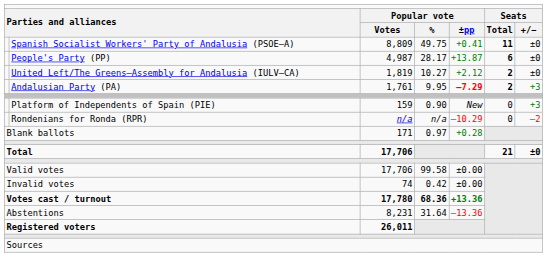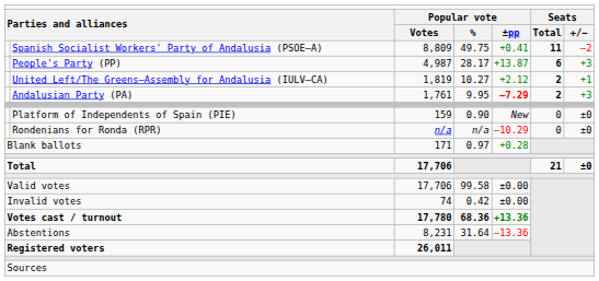 <table class="wikitable" style="text-align:right;">
 <tr>
 <td colspan="7"></td>
 </tr>
 <tr>
 <th style="text-align:left;" rowspan="2" colspan="2" width="525">Parties and alliances</th>
 <th colspan="3">Popular vote</th>
 <th colspan="2">Seats</th>
 </tr>
 <tr>
 <th width="75">Votes</th>
 <th width="45">%</th>
 <th width="45">±<a href='#'>pp</a></th>
 <th width="35">Total</th>
 <th width="35">+/−</th>
 </tr>
 <tr>
 <td width="1" style="color:inherit;background:"></td>
 <td align="left"><a href='#'>Spanish Socialist Workers' Party of Andalusia</a> (PSOE–A)</td>
 <td>8,809</td>
 <td>49.75</td>
 <td style="color:green;">+0.41</td>
 <td><strong>11</strong></td>
-<td>±0</td>
+<td style="color:red;">–2</td>
 </tr>
 <tr>
 <td style="color:inherit;background:"></td>
 <td align="left"><a href='#'>People's Party</a> (PP)</td>
 <td>4,987</td>
 <td>28.17</td>
 <td style="color:green;">+13.87</td>
 <td><strong>6</strong></td>
-<td>±0</td>
+<td style="color:green;">+3</td>
 </tr>
 <tr>
 <td style="color:inherit;background:"></td>
 <td align="left"><a href='#'>United Left/The Greens–Assembly for Andalusia</a> (IULV–CA)</td>
 <td>1,819</td>
 <td>10.27</td>
 <td style="color:green;">+2.12</td>
 <td><strong>2</strong></td>
-<td>±0</td>
+<td style="color:green;">+1</td>
 </tr>
 <tr>
 <td style="color:inherit;background:"></td>
 <td align="left"><a href='#'>Andalusian Party</a> (PA)</td>
 <td>1,761</td>
 <td>9.95</td>
 <td style="color:red;"><strong>–7.29</strong></td>
 <td><strong>2</strong></td>
 <td style="color:green;">+3</td>
 </tr>
 <tr>
 <td colspan="7" bgcolor="#C0C0C0"></td>
 </tr>
 <tr>
 <td style="color:inherit;background:"></td>
 <td align="left">Platform of Independents of Spain (PIE)</td>
 <td>159</td>
 <td>0.90</td>
 <td><em>New</em></td>
 <td>0</td>
-<td style="color:green;">+3</td>
+<td>±0</td>
 </tr>
 <tr>
 <td style="color:inherit;background:"></td>
 <td align="left">Rondenians for Ronda (RPR)</td>
 <td><em><a href='#'>n/a</a></em></td>
 <td><em>n/a</em></td>
 <td style="color:red;">–10.29</td>
 <td>0</td>
-<td style="color:red;">–2</td>
+<td>±0</td>
 </tr>
 <tr>
 <td align="left" colspan="2">Blank ballots</td>
 <td>171</td>
 <td>0.97</td>
 <td style="color:green;">+0.28</td>
 <td bgcolor="#E9E9E9" colspan="2"></td>
 </tr>
 <tr>
 <td colspan="7" bgcolor="#E9E9E9"></td>
 </tr>
 <tr style="font-weight:bold;">
 <td align="left" colspan="2">Total</td>
 <td>17,706</td>
 <td bgcolor="#E9E9E9" colspan="2"></td>
 <td>21</td>
 <td>±0</td>
 </tr>
 <tr>
 <td colspan="7" bgcolor="#E9E9E9"></td>
 </tr>
 <tr>
 <td align="left" colspan="2">Valid votes</td>
 <td>17,706</td>
 <td>99.58</td>
 <td>±0.00</td>
 <td bgcolor="#E9E9E9" colspan="2" rowspan="5"></td>
 </tr>
 <tr>
 <td align="left" colspan="2">Invalid votes</td>
 <td>74</td>
 <td>0.42</td>
 <td>±0.00</td>
 </tr>
 <tr style="font-weight:bold;">
 <td align="left" colspan="2">Votes cast / turnout</td>
 <td>17,780</td>
 <td>68.36</td>
 <td style="color:green;">+13.36</td>
 </tr>
 <tr>
 <td align="left" colspan="2">Abstentions</td>
 <td>8,231</td>
 <td>31.64</td>
 <td style="color:red;">–13.36</td>
 </tr>
 <tr style="font-weight:bold;">
 <td align="left" colspan="2">Registered voters</td>
 <td>26,011</td>
 <td bgcolor="#E9E9E9" colspan="2"></td>
 </tr>
 <tr>
 <td colspan="7" bgcolor="#E9E9E9"></td>
 </tr>
 <tr>
 <td align="left" colspan="7">Sources</td>
 </tr>
 </table>
